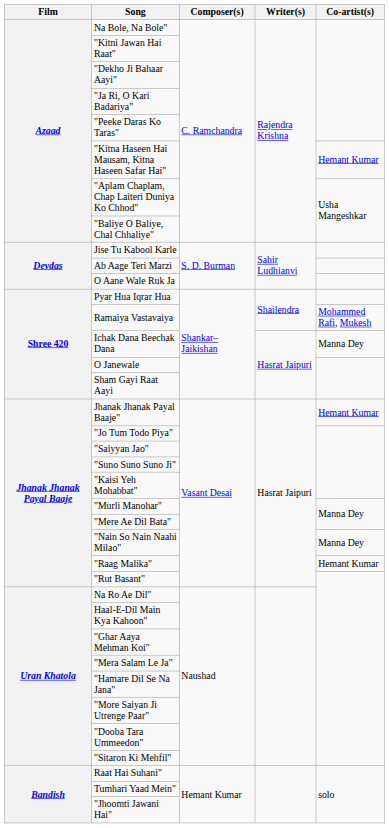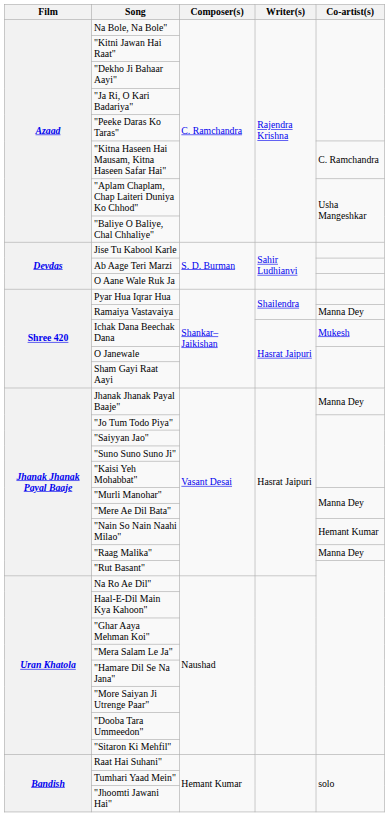 <table class="wikitable plainrowheaders" style="width:100%; textcolor:#000">
 <tr style="background:#b0e0e66;">
 <th scope="col" style="width:23%;"><strong>Film</strong></th>
 <th scope="col" style="width:23%;"><strong>Song</strong></th>
 <th scope="col" style="width:20%;"><strong>Composer(s)</strong></th>
 <th scope="col" style="width:16%;"><strong>Writer(s)</strong></th>
 <th scope="col" style="width:18%;"><strong>Co-artist(s)</strong></th>
 </tr>
 <tr>
 <th Rowspan=8><em><a href='#'>Azaad</a></em></th>
 <td>Na Bole, Na Bole"</td>
 <td rowspan=8><a href='#'>C. Ramchandra</a></td>
 <td rowspan=8><a href='#'>Rajendra Krishna</a></td>
 <td rowspan=5></td>
 </tr>
 <tr>
 <td>"Kitni Jawan Hai Raat"</td>
 </tr>
 <tr>
 <td>"Dekho Ji Bahaar Aayi"</td>
 </tr>
 <tr>
 <td>"Ja Ri, O Kari Badariya"</td>
 </tr>
 <tr>
 <td>"Peeke Daras Ko Taras"</td>
 </tr>
 <tr>
 <td>"Kitna Haseen Hai Mausam, Kitna Haseen Safar Hai"</td>
-<td><a href='#'>Hemant Kumar</a></td>
+<td>C. Ramchandra</td>
 </tr>
 <tr>
 <td>"Aplam Chaplam, Chap Laiteri Duniya Ko Chhod"</td>
 <td rowspan=2>Usha Mangeshkar</td>
 </tr>
 <tr>
 <td>"Baliye O Baliye, Chal Chhaliye"</td>
 </tr>
 <tr>
 <th rowspan="3"><em><a href='#'>Devdas</a></em></th>
 <td>Jise Tu Kabool Karle</td>
 <td rowspan="3"><a href='#'>S. D. Burman</a></td>
 <td rowspan="3"><a href='#'>Sahir Ludhianvi</a></td>
 <td></td>
 </tr>
 <tr>
 <td>Ab Aage Teri Marzi</td>
 <td></td>
 </tr>
 <tr>
 <td>O Aane Wale Ruk Ja</td>
 <td></td>
 </tr>
 <tr>
 <th rowspan="5"><a href='#'>Shree 420</a></th>
 <td>Pyar Hua Iqrar Hua</td>
 <td rowspan="5"><a href='#'>Shankar–Jaikishan</a></td>
 <td rowspan="2"><a href='#'>Shailendra</a></td>
 <td></td>
 </tr>
 <tr>
 <td>Ramaiya Vastavaiya</td>
-<td><a href='#'>Mohammed Rafi</a>, <a href='#'>Mukesh</a></td>
+<td>Manna Dey</td>
 </tr>
 <tr>
 <td>Ichak Dana Beechak Dana</td>
 <td rowspan="3"><a href='#'>Hasrat Jaipuri</a></td>
-<td>Manna Dey</td>
+<td><a href='#'>Mukesh</a></td>
 </tr>
 <tr>
 <td>O Janewale</td>
 <td rowspan="2"></td>
 </tr>
 <tr>
 <td>Sham Gayi Raat Aayi</td>
 </tr>
 <tr>
 <th Rowspan=10><em><a href='#'>Jhanak Jhanak Payal Baaje</a></em></th>
 <td>Jhanak Jhanak Payal Baaje"</td>
 <td rowspan=10><a href='#'>Vasant Desai</a></td>
 <td rowspan=10>Hasrat Jaipuri</td>
-<td><a href='#'>Hemant Kumar</a></td>
+<td>Manna Dey</td>
 </tr>
 <tr>
 <td>"Jo Tum Todo Piya"</td>
 <td rowspan=4></td>
 </tr>
 <tr>
 <td>"Saiyyan Jao"</td>
 </tr>
 <tr>
 <td>"Suno Suno Suno Ji"</td>
 </tr>
 <tr>
 <td>"Kaisi Yeh Mohabbat"</td>
 </tr>
 <tr>
 <td>"Murli Manohar"</td>
 <td rowspan=2>Manna Dey</td>
 </tr>
 <tr>
 <td>"Mere Ae Dil Bata"</td>
 </tr>
 <tr>
 <td>"Nain So Nain Naahi Milao"</td>
-<td>Manna Dey</td>
+<td>Hemant Kumar</td>
 </tr>
 <tr>
 <td>"Raag Malika"</td>
-<td>Hemant Kumar</td>
+<td>Manna Dey</td>
 </tr>
 <tr>
 <td>"Rut Basant"</td>
 <td rowspan=9></td>
 </tr>
 <tr>
 <th Rowspan=8><em><a href='#'>Uran Khatola</a></em></th>
 <td>Na Ro Ae Dil"</td>
 <td rowspan=8>Naushad</td>
 <td rowspan=8></td>
 </tr>
 <tr>
 <td>Haal-E-Dil Main Kya Kahoon"</td>
 </tr>
 <tr>
 <td>"Ghar Aaya Mehman Koi"</td>
 </tr>
 <tr>
 <td>"Mera Salam Le Ja"</td>
 </tr>
 <tr>
 <td>"Hamare Dil Se Na Jana"</td>
 </tr>
 <tr>
 <td>"More Saiyan Ji Utrenge Paar"</td>
 </tr>
 <tr>
 <td>"Dooba Tara Ummeedon"</td>
 </tr>
 <tr>
 <td>"Sitaron Ki Mehfil"</td>
 </tr>
 <tr>
 <th Rowspan=3><em><a href='#'>Bandish</a></em></th>
 <td>Raat Hai Suhani"</td>
 <td rowspan=3>Hemant Kumar</td>
 <td rowspan=3></td>
 <td rowspan=3>solo</td>
 </tr>
 <tr>
 <td>Tumhari Yaad Mein"</td>
 </tr>
 <tr>
 <td>"Jhoomti Jawani Hai"</td>
 </tr>
 </table>
